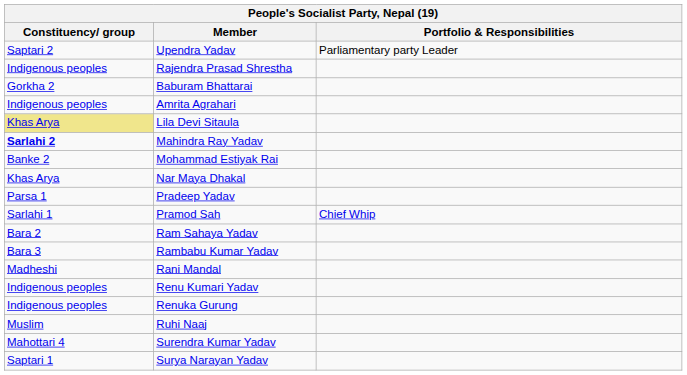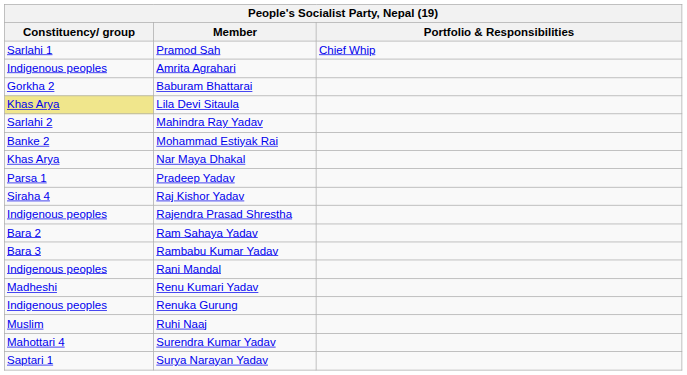 <table class="wikitable sortable mw-collapsible mw-collapsed">
 <tr>
 <th colspan="3" style="width: 700pt; background:">People's Socialist Party, Nepal (19)</th>
 </tr>
 <tr>
 <th style="width:150pt;">Constituency/ group</th>
 <th>Member</th>
 <th style="width:375pt;">Portfolio & Responsibilities</th>
 </tr>
 <tr>
-<td><a href='#'>Saptari 2</a></td>
-<td><a href='#'>Upendra Yadav</a></td>
-<td>Parliamentary party Leader</td>
+<td><a href='#'>Sarlahi 1</a></td>
+<td><a href='#'>Pramod Sah</a></td>
+<td><a href='#'>Chief Whip</a></td>
 </tr>
 <tr>
 <td><a href='#'>Indigenous peoples</a></td>
-<td><a href='#'>Rajendra Prasad Shrestha</a></td>
+<td><a href='#'>Amrita Agrahari</a></td>
 <td></td>
 </tr>
 <tr>
 <td><a href='#'>Gorkha 2</a></td>
 <td><a href='#'>Baburam Bhattarai</a></td>
 <td></td>
 </tr>
 <tr>
-<td><a href='#'>Indigenous peoples</a></td>
-<td><a href='#'>Amrita Agrahari</a></td>
-<td></td>
-</tr>
-<tr>
 <td style="background: khaki;"><a href='#'>Khas Arya</a></td>
 <td><a href='#'>Lila Devi Sitaula</a></td>
 <td></td>
 </tr>
 <tr>
-<td><strong><a href='#'>Sarlahi 2</a></strong></td>
+<td><a href='#'>Sarlahi 2</a></td>
 <td><a href='#'>Mahindra Ray Yadav</a></td>
 <td></td>
 </tr>
 <tr>
 <td><a href='#'>Banke 2</a></td>
 <td><a href='#'>Mohammad Estiyak Rai</a></td>
 <td></td>
 </tr>
 <tr>
 <td><a href='#'>Khas Arya</a></td>
 <td><a href='#'>Nar Maya Dhakal</a></td>
 <td></td>
 </tr>
 <tr>
 <td><a href='#'>Parsa 1</a></td>
 <td><a href='#'>Pradeep Yadav</a></td>
 <td></td>
 </tr>
 <tr>
-<td><a href='#'>Sarlahi 1</a></td>
-<td><a href='#'>Pramod Sah</a></td>
-<td><a href='#'>Chief Whip</a></td>
+<td><a href='#'>Siraha 4</a></td>
+<td><a href='#'>Raj Kishor Yadav</a></td>
+<td></td>
+</tr>
+<tr>
+<td><a href='#'>Indigenous peoples</a></td>
+<td><a href='#'>Rajendra Prasad Shrestha</a></td>
+<td></td>
 </tr>
 <tr>
 <td><a href='#'>Bara 2</a></td>
 <td><a href='#'>Ram Sahaya Yadav</a></td>
 <td></td>
 </tr>
 <tr>
 <td><a href='#'>Bara 3</a></td>
 <td><a href='#'>Rambabu Kumar Yadav</a></td>
 <td></td>
 </tr>
 <tr>
-<td><a href='#'>Madheshi</a></td>
+<td><a href='#'>Indigenous peoples</a></td>
 <td><a href='#'>Rani Mandal</a></td>
 <td></td>
 </tr>
 <tr>
-<td><a href='#'>Indigenous peoples</a></td>
+<td><a href='#'>Madheshi</a></td>
 <td><a href='#'>Renu Kumari Yadav</a></td>
 <td></td>
 </tr>
 <tr>
 <td><a href='#'>Indigenous peoples</a></td>
 <td><a href='#'>Renuka Gurung</a></td>
 <td></td>
 </tr>
 <tr>
 <td><a href='#'>Muslim</a></td>
 <td><a href='#'>Ruhi Naaj</a></td>
 <td></td>
 </tr>
 <tr>
 <td><a href='#'>Mahottari 4</a></td>
 <td><a href='#'>Surendra Kumar Yadav</a></td>
 <td></td>
 </tr>
 <tr>
 <td><a href='#'>Saptari 1</a></td>
 <td><a href='#'>Surya Narayan Yadav</a></td>
 <td></td>
 </tr>
 </table>
